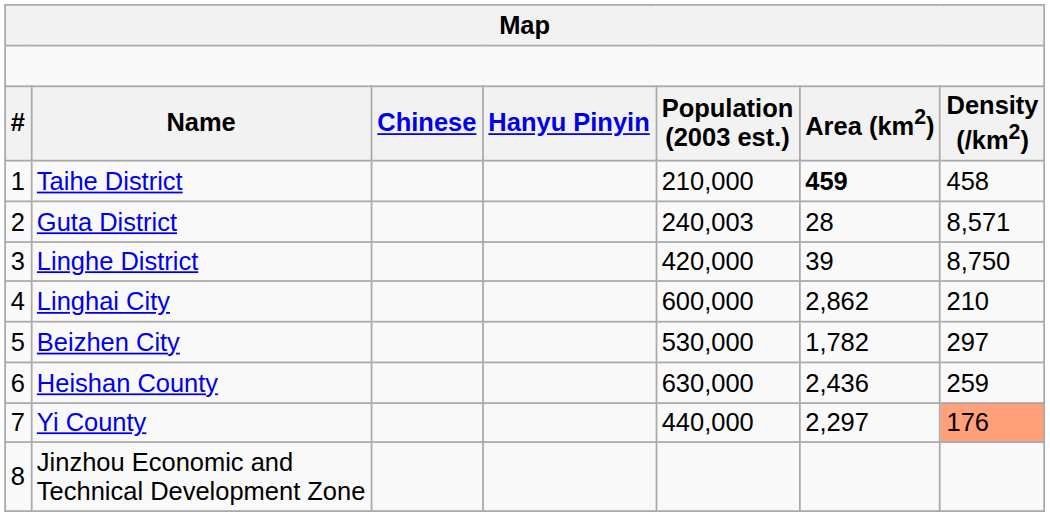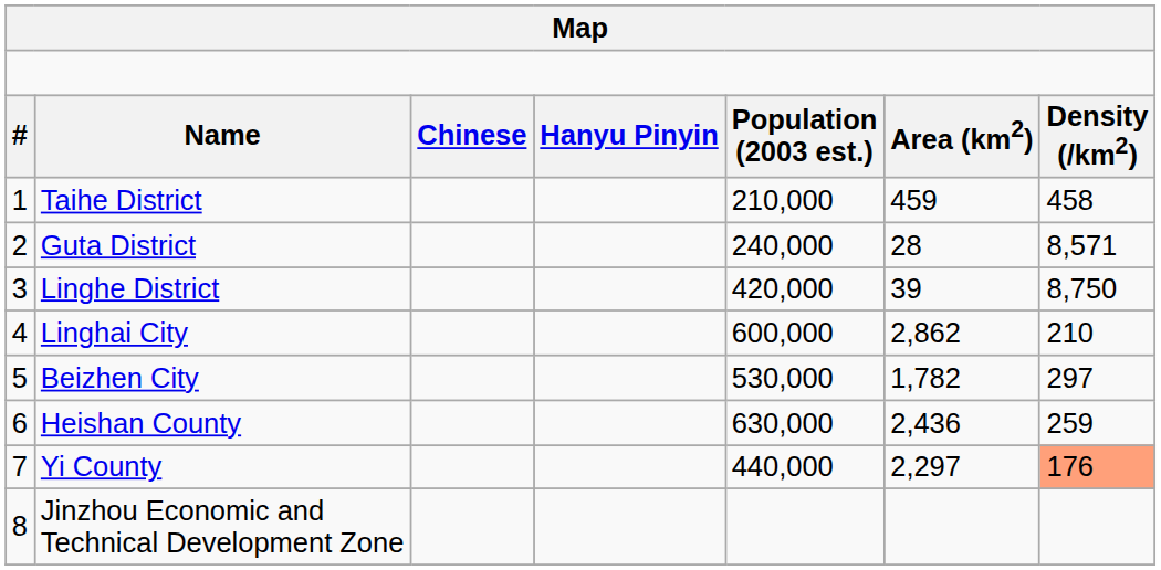 <table class="wikitable"  style="font-size:90%; margin:auto;">
 <tr>
 <th colspan=7 style="text-align:center;">Map</th>
 </tr>
 <tr>
 <td colspan=7 style="text-align:center;"><div><br>            </div></td>
 </tr>
 <tr>
 <th>#</th>
 <th>Name</th>
 <th><a href='#'>Chinese</a></th>
 <th><a href='#'>Hanyu Pinyin</a></th>
 <th>Population<br>(2003 est.)</th>
 <th>Area (km<sup>2</sup>)</th>
 <th>Density<br>(/km<sup>2</sup>)</th>
 </tr>
 <tr>
 <td>1</td>
 <td><a href='#'>Taihe District</a></td>
 <td></td>
 <td></td>
 <td>210,000</td>
-<td><strong>459</strong></td>
+<td>459</td>
 <td>458</td>
 </tr>
 <tr>
 <td>2</td>
 <td><a href='#'>Guta District</a></td>
 <td></td>
 <td></td>
-<td>240,003</td>
+<td>240,000</td>
 <td>28</td>
 <td>8,571</td>
 </tr>
 <tr>
 <td>3</td>
 <td><a href='#'>Linghe District</a></td>
 <td></td>
 <td></td>
 <td>420,000</td>
 <td>39</td>
 <td>8,750</td>
 </tr>
 <tr>
 <td>4</td>
 <td><a href='#'>Linghai City</a></td>
 <td></td>
 <td></td>
 <td>600,000</td>
 <td>2,862</td>
 <td>210</td>
 </tr>
 <tr>
 <td>5</td>
 <td><a href='#'>Beizhen City</a></td>
 <td></td>
 <td></td>
 <td>530,000</td>
 <td>1,782</td>
 <td>297</td>
 </tr>
 <tr>
 <td>6</td>
 <td><a href='#'>Heishan County</a></td>
 <td></td>
 <td></td>
 <td>630,000</td>
 <td>2,436</td>
 <td>259</td>
 </tr>
 <tr>
 <td>7</td>
 <td><a href='#'>Yi County</a></td>
 <td></td>
 <td></td>
 <td>440,000</td>
 <td>2,297</td>
 <td style="background: lightsalmon;">176</td>
 </tr>
 <tr>
 <td>8</td>
 <td>Jinzhou Economic and<br>Technical Development Zone</td>
 <td><br></td>
 <td></td>
 <td></td>
 <td></td>
 <td></td>
 </tr>
 </table>
